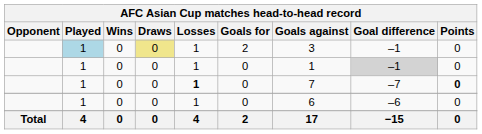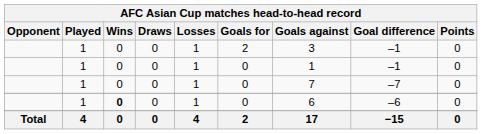 <table class="wikitable sortable" style="text-align: center;">
 <tr>
 <th colspan=9>AFC Asian Cup matches head-to-head record</th>
 </tr>
 <tr>
 <th>Opponent</th>
 <th>Played</th>
 <th>Wins</th>
 <th>Draws</th>
 <th>Losses</th>
 <th>Goals for</th>
 <th>Goals against</th>
 <th>Goal difference</th>
 <th>Points</th>
 </tr>
 <tr>
 <td align="left"></td>
-<td style="background: lightblue;">1</td>
+<td>1</td>
 <td>0</td>
-<td style="background: khaki;">0</td>
+<td>0</td>
 <td>1</td>
 <td>2</td>
 <td>3</td>
 <td>–1</td>
 <td>0</td>
 </tr>
 <tr>
 <td align="left"></td>
 <td>1</td>
 <td>0</td>
 <td>0</td>
 <td>1</td>
 <td>0</td>
 <td>1</td>
-<td style="background: lightgrey;">–1</td>
+<td>–1</td>
 <td>0</td>
 </tr>
 <tr>
 <td align="left"></td>
 <td>1</td>
 <td>0</td>
 <td>0</td>
-<td><strong>1</strong></td>
+<td>1</td>
 <td>0</td>
 <td>7</td>
 <td>–7</td>
-<td><strong>0</strong></td>
+<td>0</td>
 </tr>
 <tr>
 </tr>
 <tr>
 <td align="left"></td>
 <td>1</td>
-<td>0</td>
+<td><strong>0</strong></td>
 <td>0</td>
 <td>1</td>
 <td>0</td>
 <td>6</td>
 <td>–6</td>
 <td>0</td>
 </tr>
 <tr>
 </tr>
 <tr>
 <th>Total</th>
 <th>4</th>
 <th>0</th>
 <th>0</th>
 <th>4</th>
 <th>2</th>
 <th>17</th>
 <th>−15</th>
 <th>0</th>
 </tr>
 </table>
